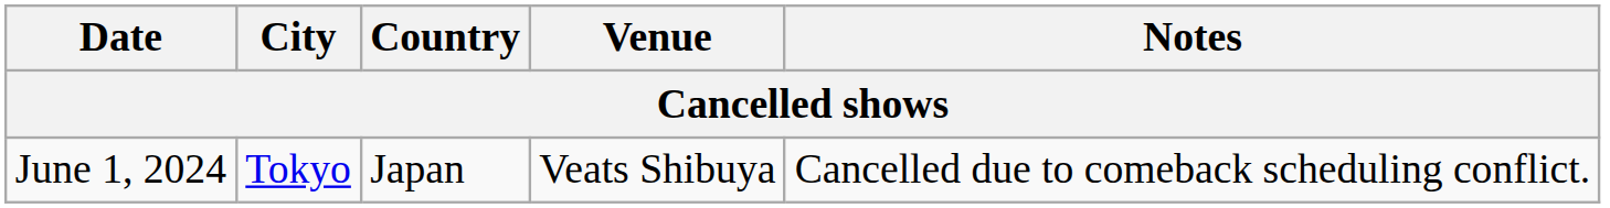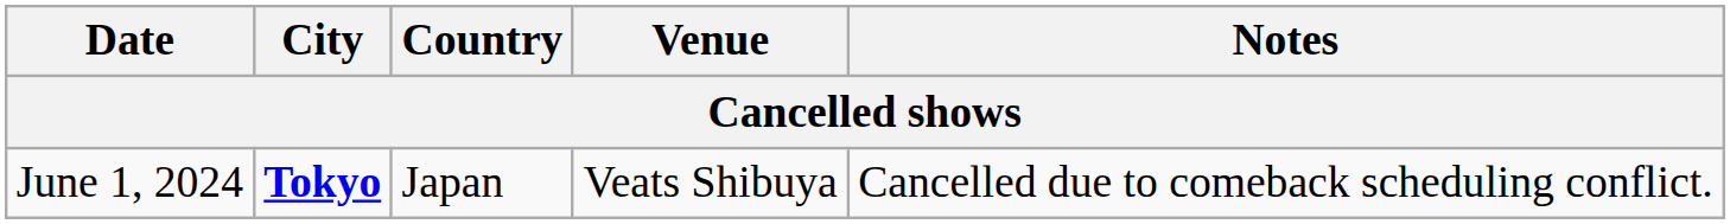 <table class="wikitable">
 <tr>
 <th>Date</th>
 <th>City</th>
 <th>Country</th>
 <th>Venue</th>
 <th scope="col">Notes</th>
 </tr>
 <tr>
 <th ! colspan="5">Cancelled shows</th>
 </tr>
 <tr>
 <td>June 1, 2024</td>
-<td><a href='#'>Tokyo</a></td>
+<td><strong><a href='#'>Tokyo</a></strong></td>
 <td>Japan</td>
 <td>Veats Shibuya</td>
 <td>Cancelled due to comeback scheduling conflict.</td>
 </tr>
 </table>
